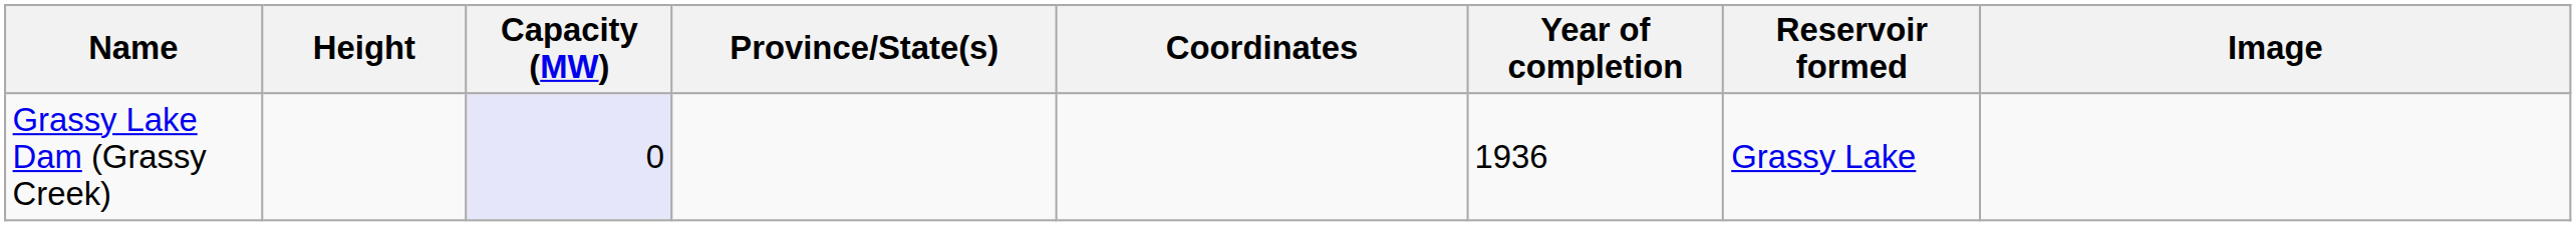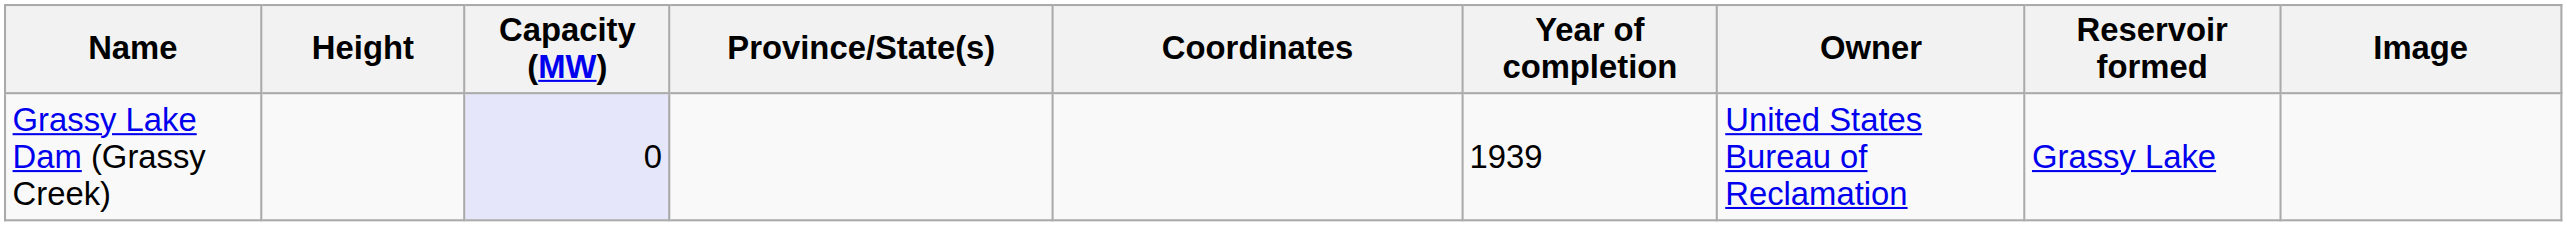 <table class="wikitable sortable" border="1">
 <tr>
 <th width="10%">Name</th>
 <th width="8%">Height</th>
 <th width="8%">Capacity (<a href='#'>MW</a>)</th>
 <th width="15%">Province/State(s)</th>
 <th width="16%">Coordinates</th>
 <th width="10%">Year of completion</th>
+<th width="12%">Owner</th>
 <th width="10%">Reservoir formed</th>
 <th>Image</th>
 </tr>
 <tr>
 <td><a href='#'>Grassy Lake Dam</a> (Grassy Creek)</td>
 <td></td>
 <td align="right" style="background: lavender;">0</td>
 <td></td>
 <td></td>
-<td>1936</td>
+<td>1939</td>
+<td><a href='#'>United States Bureau of Reclamation</a></td>
 <td><a href='#'>Grassy Lake</a></td>
 <td></td>
 </tr>
 </table>
